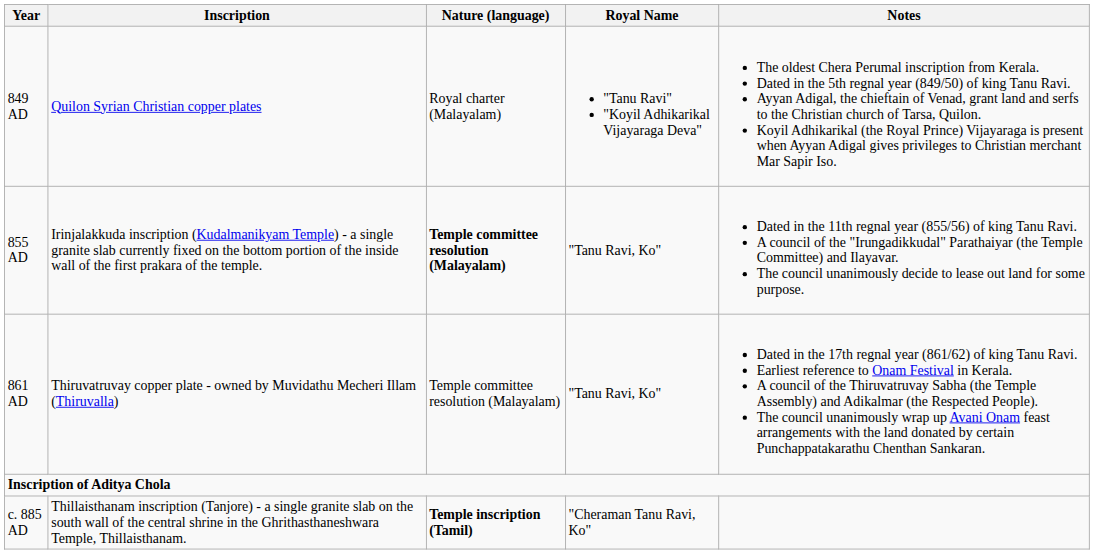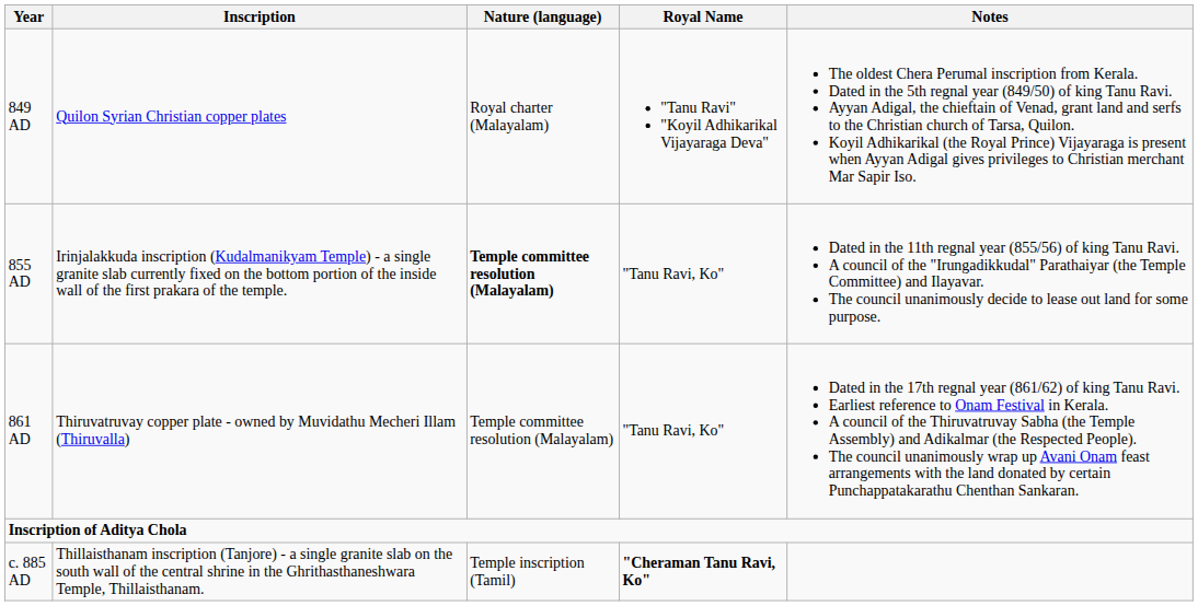 <table class="wikitable">
 <tr>
 <th>Year</th>
 <th>Inscription</th>
 <th>Nature (language)</th>
 <th>Royal Name</th>
 <th>Notes</th>
 </tr>
 <tr>
 <td>849 AD</td>
 <td><a href='#'>Quilon Syrian Christian copper plates</a></td>
 <td>Royal charter (Malayalam)</td>
 <td><br><ul><li>"Tanu Ravi"</li><li>"Koyil Adhikarikal Vijayaraga Deva"</li></ul></td>
 <td><br><ul><li>The oldest Chera Perumal inscription from Kerala.</li><li>Dated in the 5th regnal year (849/50) of king Tanu Ravi.</li><li>Ayyan Adigal, the chieftain of Venad, grant land and serfs to the Christian church of Tarsa, Quilon.</li><li>Koyil Adhikarikal (the Royal Prince) Vijayaraga is present when Ayyan Adigal gives privileges to Christian merchant Mar Sapir Iso.</li></ul></td>
 </tr>
 <tr>
 <td>855 AD</td>
 <td>Irinjalakkuda inscription (<a href='#'>Kudalmanikyam Temple</a>) - a single granite slab currently fixed on the bottom portion of the inside wall of the first prakara of the temple.</td>
 <td><strong>Temple committee resolution (Malayalam)</strong></td>
 <td>"Tanu Ravi, Ko"</td>
 <td><br><ul><li>Dated in the 11th regnal year (855/56) of king Tanu Ravi.</li><li>A council of the "Irungadikkudal" Parathaiyar (the Temple Committee) and Ilayavar.</li><li>The council unanimously decide to lease out land for some purpose.</li></ul></td>
 </tr>
 <tr>
 <td>861 AD</td>
 <td>Thiruvatruvay copper plate - owned by Muvidathu Mecheri Illam (<a href='#'>Thiruvalla</a>)</td>
 <td>Temple committee resolution (Malayalam)</td>
 <td>"Tanu Ravi, Ko"</td>
 <td><br><ul><li>Dated in the 17th regnal year (861/62) of king Tanu Ravi.</li><li>Earliest reference to <a href='#'>Onam Festival</a> in Kerala.</li><li>A council of the Thiruvatruvay Sabha (the Temple Assembly) and Adikalmar (the Respected People).</li><li>The council unanimously wrap up <a href='#'>Avani Onam</a> feast arrangements with the land donated by certain Punchappatakarathu Chenthan Sankaran.</li></ul></td>
 </tr>
 <tr>
 <td colspan="5"><strong>Inscription of Aditya Chola</strong></td>
 </tr>
 <tr>
 <td>c. 885 AD</td>
 <td>Thillaisthanam inscription (Tanjore) - a single granite slab on the south wall of the central shrine in the Ghrithasthaneshwara Temple,  Thillaisthanam.</td>
-<td><strong>Temple inscription (Tamil)</strong></td>
-<td>"Cheraman Tanu Ravi, Ko"</td>
+<td>Temple inscription (Tamil)</td>
+<td><strong>"Cheraman Tanu Ravi, Ko"</strong></td>
 <td><small></small></td>
 </tr>
 </table>
